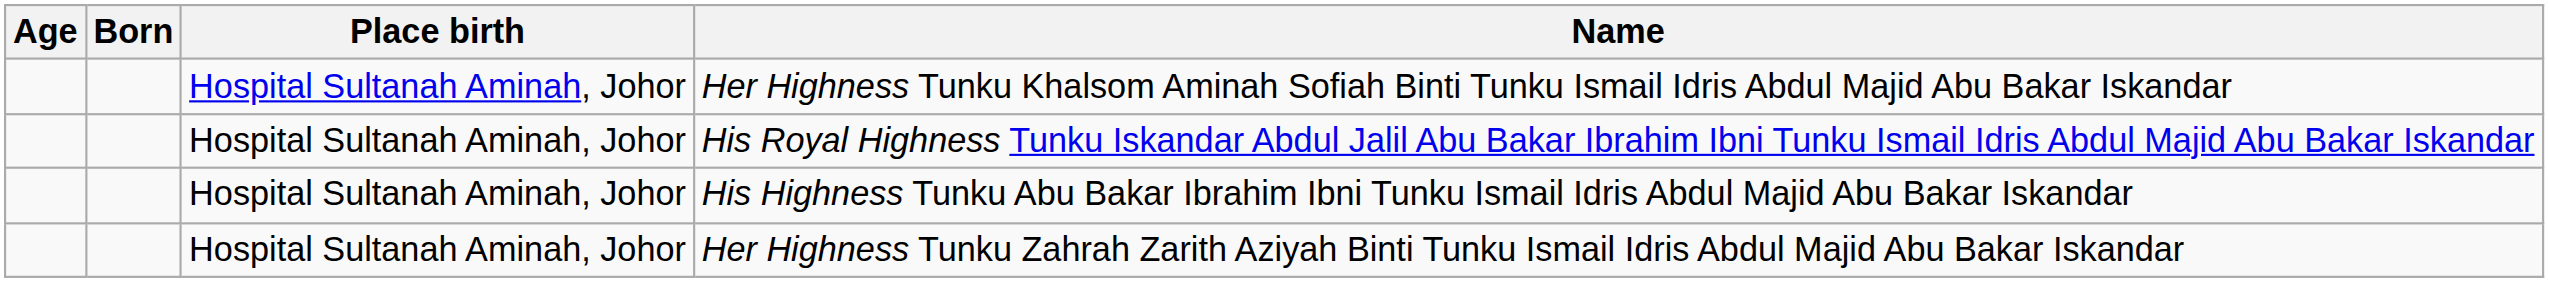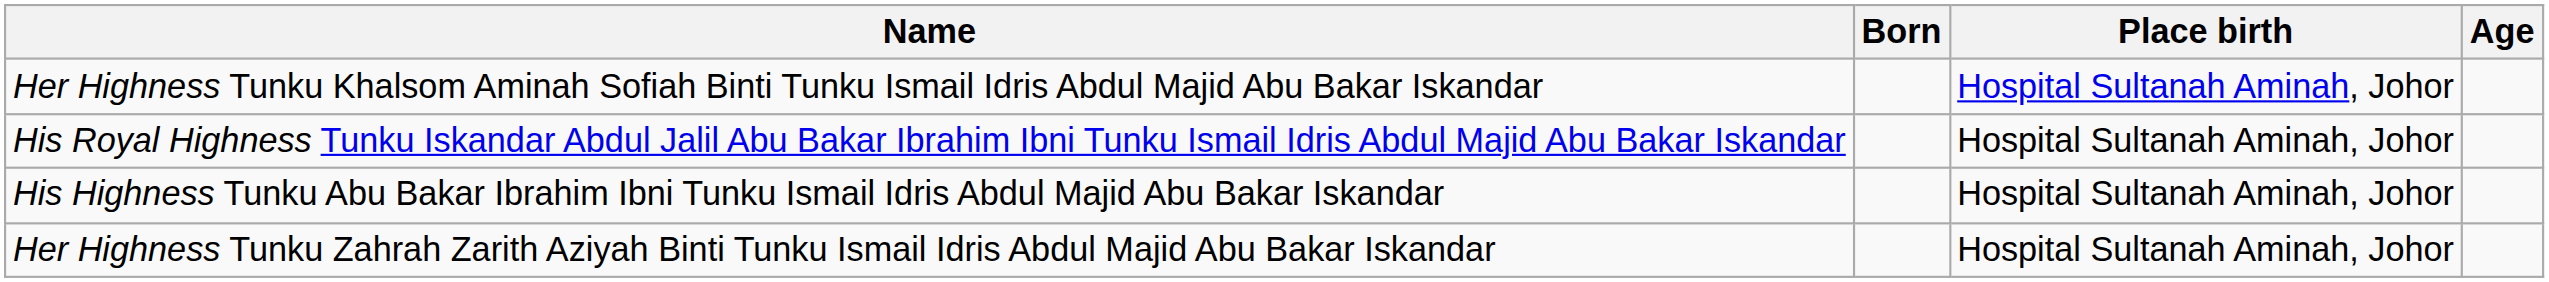 <table Class="wikitable">
 <tr>
-<th>Age</th>
+<th>Name</th>
 <th>Born</th>
 <th>Place birth</th>
-<th>Name</th>
+<th>Age</th>
 </tr>
 <tr>
-<td></td>
+<td><em>Her Highness</em> Tunku Khalsom Aminah Sofiah Binti Tunku Ismail Idris Abdul Majid Abu Bakar Iskandar</td>
 <td></td>
 <td><a href='#'>Hospital Sultanah Aminah</a>, Johor</td>
-<td><em>Her Highness</em> Tunku Khalsom Aminah Sofiah Binti Tunku Ismail Idris Abdul Majid Abu Bakar Iskandar</td>
+<td></td>
 </tr>
 <tr>
-<td></td>
+<td><em>His Royal Highness</em> <a href='#'>Tunku Iskandar Abdul Jalil Abu Bakar Ibrahim Ibni Tunku Ismail Idris Abdul Majid Abu Bakar Iskandar</a></td>
 <td></td>
 <td>Hospital Sultanah Aminah, Johor</td>
-<td><em>His Royal Highness</em> <a href='#'>Tunku Iskandar Abdul Jalil Abu Bakar Ibrahim Ibni Tunku Ismail Idris Abdul Majid Abu Bakar Iskandar</a></td>
+<td></td>
 </tr>
 <tr>
-<td></td>
+<td><em>His Highness</em> Tunku Abu Bakar Ibrahim Ibni Tunku Ismail Idris Abdul Majid Abu Bakar Iskandar</td>
 <td></td>
 <td>Hospital Sultanah Aminah, Johor</td>
-<td><em>His Highness</em> Tunku Abu Bakar Ibrahim Ibni Tunku Ismail Idris Abdul Majid Abu Bakar Iskandar</td>
+<td></td>
 </tr>
 <tr>
-<td></td>
+<td><em>Her Highness</em> Tunku Zahrah Zarith Aziyah Binti Tunku Ismail Idris Abdul Majid Abu Bakar Iskandar</td>
 <td></td>
 <td>Hospital Sultanah Aminah, Johor</td>
-<td><em>Her Highness</em> Tunku Zahrah Zarith Aziyah Binti Tunku Ismail Idris Abdul Majid Abu Bakar Iskandar</td>
+<td></td>
 </tr>
 </table>
